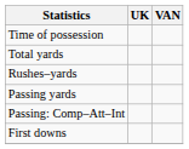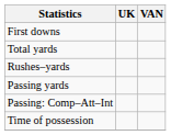 <table class="wikitable" style="float: left;">
 <tr>
 <th>Statistics</th>
 <th>UK</th>
 <th>VAN</th>
 </tr>
 <tr>
-<td>Time of possession</td>
+<td>First downs</td>
 <td></td>
 <td></td>
 </tr>
 <tr>
 <td>Total yards</td>
 <td></td>
 <td></td>
 </tr>
 <tr>
 <td>Rushes–yards</td>
 <td></td>
 <td></td>
 </tr>
 <tr>
 <td>Passing yards</td>
 <td></td>
 <td></td>
 </tr>
 <tr>
 <td>Passing: Comp–Att–Int</td>
 <td></td>
 <td></td>
 </tr>
 <tr>
-<td>First downs</td>
+<td>Time of possession</td>
 <td></td>
 <td></td>
 </tr>
 <tr>
 </tr>
 </table>
